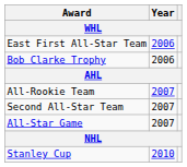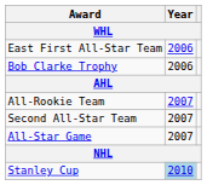 <table class="wikitable">
 <tr>
 <th>Award</th>
 <th>Year</th>
 <th></th>
 </tr>
 <tr>
 <th colspan="3"><a href='#'>WHL</a></th>
 </tr>
 <tr>
 <td>East First All-Star Team</td>
 <td><a href='#'>2006</a></td>
 <td></td>
 </tr>
 <tr>
 <td><a href='#'>Bob Clarke Trophy</a></td>
 <td>2006</td>
 <td></td>
 </tr>
 <tr>
 <th colspan="3"><a href='#'>AHL</a></th>
 </tr>
 <tr>
 <td>All-Rookie Team</td>
 <td><a href='#'>2007</a></td>
 <td></td>
 </tr>
 <tr>
 <td>Second All-Star Team</td>
 <td>2007</td>
 <td></td>
 </tr>
 <tr>
 <td><a href='#'>All-Star Game</a></td>
 <td>2007</td>
 <td></td>
 </tr>
 <tr>
 <th colspan="3"><a href='#'>NHL</a></th>
 </tr>
 <tr>
 <td><a href='#'>Stanley Cup</a></td>
-<td><a href='#'>2010</a></td>
+<td style="background: lightblue;"><a href='#'>2010</a></td>
 </tr>
 </table>
